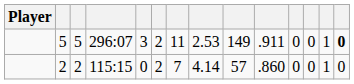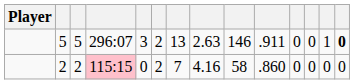 <table class="wikitable sortable" style="text-align:center;">
 <tr>
 <th>Player</th>
 <th></th>
 <th></th>
 <th></th>
 <th></th>
 <th></th>
 <th></th>
 <th></th>
 <th></th>
 <th></th>
 <th></th>
 <th></th>
 <th></th>
 <th></th>
 </tr>
 <tr>
 <td></td>
 <td>5</td>
 <td>5</td>
 <td>296:07</td>
 <td>3</td>
 <td>2</td>
-<td>11</td>
-<td>2.53</td>
-<td>149</td>
+<td>13</td>
+<td>2.63</td>
+<td>146</td>
 <td>.911</td>
 <td>0</td>
 <td>0</td>
 <td>1</td>
 <td><strong>0</strong></td>
 </tr>
 <tr>
 <td></td>
 <td>2</td>
 <td>2</td>
-<td>115:15</td>
+<td style="background: pink;">115:15</td>
 <td>0</td>
 <td>2</td>
 <td>7</td>
-<td>4.14</td>
-<td>57</td>
+<td>4.16</td>
+<td>58</td>
 <td>.860</td>
 <td>0</td>
 <td>0</td>
-<td>1</td>
+<td>0</td>
 <td>0</td>
 </tr>
 </table>
